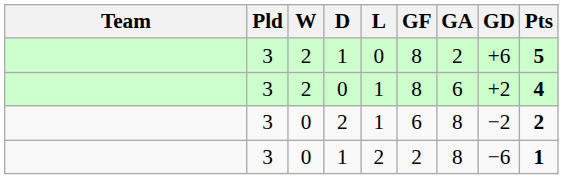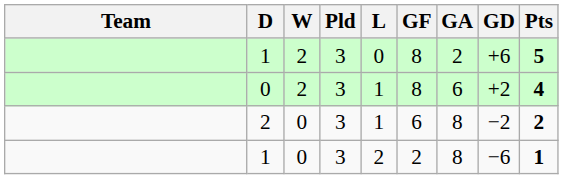 <table class="wikitable" style="text-align:center;">
 <tr>
 <th width=175>Team</th>
+<th width=20 abbr="Drawn">D</th>
+<th width=20 abbr="Won">W</th>
 <th width=20 abbr="Played">Pld</th>
-<th width=20 abbr="Won">W</th>
-<th width=20 abbr="Drawn">D</th>
 <th width=20 abbr="Lost">L</th>
 <th width=20 abbr="Goals for">GF</th>
 <th width=20 abbr="Goals against">GA</th>
 <th width=20 abbr="Goal difference">GD</th>
 <th width=20 abbr="Points">Pts</th>
 </tr>
 <tr bgcolor=#ccffcc>
 <td align=left></td>
+<td>1</td>
+<td>2</td>
 <td>3</td>
-<td>2</td>
-<td>1</td>
 <td>0</td>
 <td>8</td>
 <td>2</td>
 <td>+6</td>
 <td><strong>5</strong></td>
 </tr>
 <tr bgcolor=#ccffcc>
 <td align=left></td>
+<td>0</td>
+<td>2</td>
 <td>3</td>
-<td>2</td>
-<td>0</td>
 <td>1</td>
 <td>8</td>
 <td>6</td>
 <td>+2</td>
 <td><strong>4</strong></td>
 </tr>
 <tr>
 <td align=left></td>
+<td>2</td>
+<td>0</td>
 <td>3</td>
-<td>0</td>
-<td>2</td>
 <td>1</td>
 <td>6</td>
 <td>8</td>
 <td>−2</td>
 <td><strong>2</strong></td>
 </tr>
 <tr>
 <td align=left></td>
+<td>1</td>
+<td>0</td>
 <td>3</td>
-<td>0</td>
-<td>1</td>
 <td>2</td>
 <td>2</td>
 <td>8</td>
 <td>−6</td>
 <td><strong>1</strong></td>
 </tr>
 </table>
